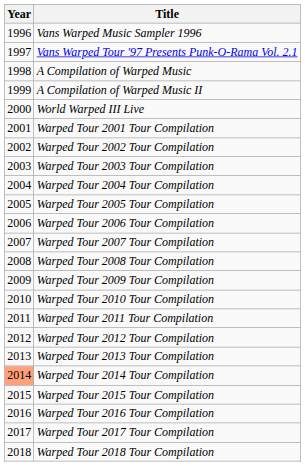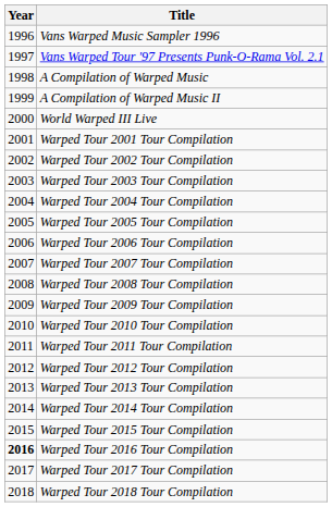 <table class="wikitable">
 <tr>
 <th>Year</th>
 <th>Title</th>
 </tr>
 <tr>
 <td>1996</td>
 <td><em>Vans Warped Music Sampler 1996</em></td>
 </tr>
 <tr>
 <td>1997</td>
 <td><em><a href='#'>Vans Warped Tour '97 Presents Punk-O-Rama Vol. 2.1</a></em></td>
 </tr>
 <tr>
 <td>1998</td>
 <td><em>A Compilation of Warped Music</em></td>
 </tr>
 <tr>
 <td>1999</td>
 <td><em>A Compilation of Warped Music II</em></td>
 </tr>
 <tr>
 <td>2000</td>
 <td><em>World Warped III Live</em></td>
 </tr>
 <tr>
 <td>2001</td>
 <td><em>Warped Tour 2001 Tour Compilation</em></td>
 </tr>
 <tr>
 <td>2002</td>
 <td><em>Warped Tour 2002 Tour Compilation</em></td>
 </tr>
 <tr>
 <td>2003</td>
 <td><em>Warped Tour 2003 Tour Compilation</em></td>
 </tr>
 <tr>
 <td>2004</td>
 <td><em>Warped Tour 2004 Tour Compilation</em></td>
 </tr>
 <tr>
 <td>2005</td>
 <td><em>Warped Tour 2005 Tour Compilation</em></td>
 </tr>
 <tr>
 <td>2006</td>
 <td><em>Warped Tour 2006 Tour Compilation</em></td>
 </tr>
 <tr>
 <td>2007</td>
 <td><em>Warped Tour 2007 Tour Compilation</em></td>
 </tr>
 <tr>
 <td>2008</td>
 <td><em>Warped Tour 2008 Tour Compilation</em></td>
 </tr>
 <tr>
 <td>2009</td>
 <td><em>Warped Tour 2009 Tour Compilation</em></td>
 </tr>
 <tr>
 <td>2010</td>
 <td><em>Warped Tour 2010 Tour Compilation</em></td>
 </tr>
 <tr>
 <td>2011</td>
 <td><em>Warped Tour 2011 Tour Compilation</em></td>
 </tr>
 <tr>
 <td>2012</td>
 <td><em>Warped Tour 2012 Tour Compilation</em></td>
 </tr>
 <tr>
 <td>2013</td>
 <td><em>Warped Tour 2013 Tour Compilation</em></td>
 </tr>
 <tr>
-<td style="background: lightsalmon;">2014</td>
+<td>2014</td>
 <td><em>Warped Tour 2014 Tour Compilation</em></td>
 </tr>
 <tr>
 <td>2015</td>
 <td><em>Warped Tour 2015 Tour Compilation</em></td>
 </tr>
 <tr>
-<td>2016</td>
+<td><strong>2016</strong></td>
 <td><em>Warped Tour 2016 Tour Compilation</em></td>
 </tr>
 <tr>
 <td>2017</td>
 <td><em>Warped Tour 2017 Tour Compilation</em></td>
 </tr>
 <tr>
 <td>2018</td>
 <td><em>Warped Tour 2018 Tour Compilation</em></td>
 </tr>
 </table>
